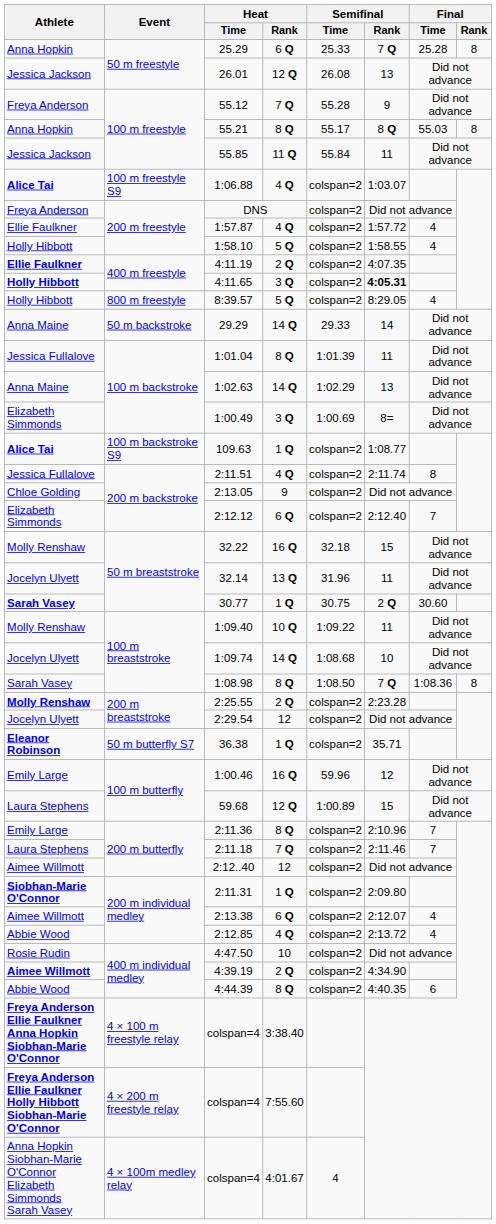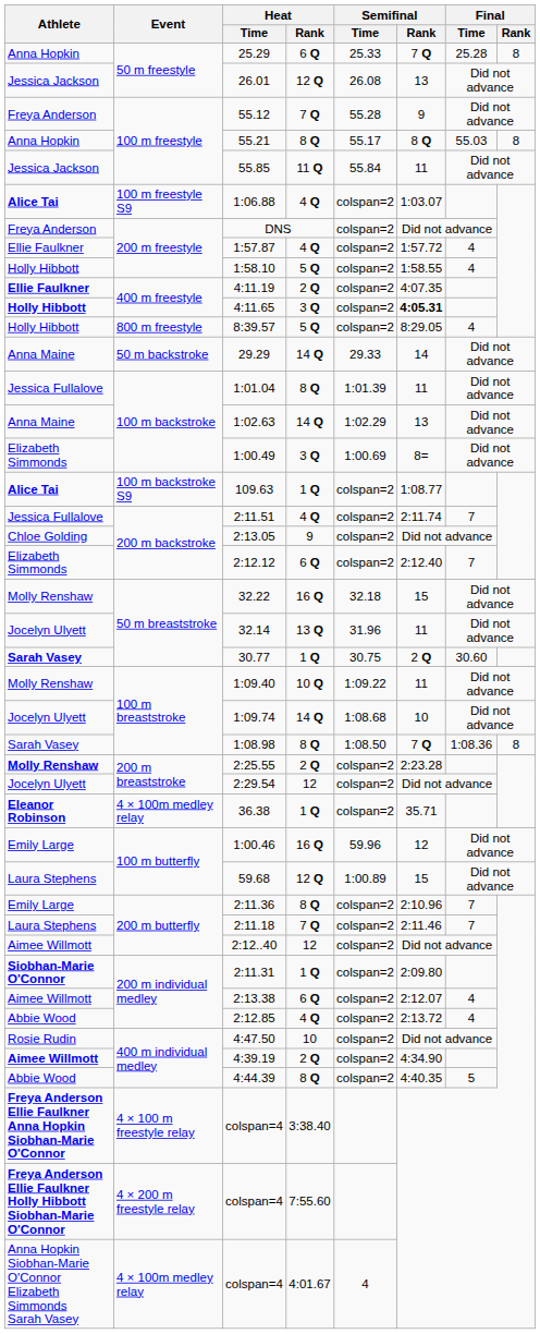 <table class=wikitable style=font-size:90%>
 <tr>
 <th rowspan=2>Athlete</th>
 <th rowspan=2>Event</th>
 <th colspan=2>Heat</th>
 <th colspan=2>Semifinal</th>
 <th colspan=2>Final</th>
 </tr>
 <tr style=font-size:95%>
 <th>Time</th>
 <th>Rank</th>
 <th>Time</th>
 <th>Rank</th>
 <th>Time</th>
 <th>Rank</th>
 </tr>
 <tr align=center>
 <td align=left><a href='#'>Anna Hopkin</a></td>
 <td align=left rowspan=2><a href='#'>50 m freestyle</a></td>
 <td>25.29</td>
 <td>6 <strong>Q</strong></td>
 <td>25.33</td>
 <td>7 <strong>Q</strong></td>
 <td>25.28</td>
 <td>8</td>
 </tr>
 <tr align=center>
 <td align=left><a href='#'>Jessica Jackson</a></td>
 <td>26.01</td>
 <td>12 <strong>Q</strong></td>
 <td>26.08</td>
 <td>13</td>
 <td colspan=2>Did not advance</td>
 </tr>
 <tr align=center>
 <td align=left><a href='#'>Freya Anderson</a></td>
 <td align=left rowspan=3><a href='#'>100 m freestyle</a></td>
 <td>55.12</td>
 <td>7 <strong>Q</strong></td>
 <td>55.28</td>
 <td>9</td>
 <td colspan=2>Did not advance</td>
 </tr>
 <tr align=center>
 <td align=left><a href='#'>Anna Hopkin</a></td>
 <td>55.21</td>
 <td>8 <strong>Q</strong></td>
 <td>55.17</td>
 <td>8 <strong>Q</strong></td>
 <td>55.03</td>
 <td>8</td>
 </tr>
 <tr align=center>
 <td align=left><a href='#'>Jessica Jackson</a></td>
 <td>55.85</td>
 <td>11 <strong>Q</strong></td>
 <td>55.84</td>
 <td>11</td>
 <td colspan=2>Did not advance</td>
 </tr>
 <tr align=center>
 <td align=left><strong><a href='#'>Alice Tai</a></strong></td>
 <td align=left><a href='#'>100 m freestyle S9</a></td>
 <td>1:06.88</td>
 <td>4 <strong>Q</strong></td>
 <td>colspan=2 </td>
 <td>1:03.07</td>
 <td></td>
 </tr>
 <tr align=center>
 <td align=left><a href='#'>Freya Anderson</a></td>
 <td align=left rowspan=3><a href='#'>200 m freestyle</a></td>
 <td colspan=2>DNS</td>
 <td>colspan=2 </td>
 <td colspan=2>Did not advance</td>
 </tr>
 <tr align=center>
 <td align=left><a href='#'>Ellie Faulkner</a></td>
 <td>1:57.87</td>
 <td>4 <strong>Q</strong></td>
 <td>colspan=2 </td>
 <td>1:57.72</td>
 <td>4</td>
 </tr>
 <tr align=center>
 <td align=left><a href='#'>Holly Hibbott</a></td>
 <td>1:58.10</td>
 <td>5 <strong>Q</strong></td>
 <td>colspan=2 </td>
 <td>1:58.55</td>
 <td>4</td>
 </tr>
 <tr align=center>
 <td align=left><strong><a href='#'>Ellie Faulkner</a></strong></td>
 <td align=left rowspan=2><a href='#'>400 m freestyle</a></td>
 <td>4:11.19</td>
 <td>2 <strong>Q</strong></td>
 <td>colspan=2 </td>
 <td>4:07.35</td>
 <td></td>
 </tr>
 <tr align=center>
 <td align=left><strong><a href='#'>Holly Hibbott</a></strong></td>
 <td>4:11.65</td>
 <td>3 <strong>Q</strong></td>
 <td>colspan=2 </td>
 <td><strong>4:05.31</strong></td>
 <td></td>
 </tr>
 <tr align=center>
 <td align=left><a href='#'>Holly Hibbott</a></td>
 <td align=left><a href='#'>800 m freestyle</a></td>
 <td>8:39.57</td>
 <td>5 <strong>Q</strong></td>
 <td>colspan=2 </td>
 <td>8:29.05</td>
 <td>4</td>
 </tr>
 <tr align=center>
 <td align=left><a href='#'>Anna Maine</a></td>
 <td align=left><a href='#'>50 m backstroke</a></td>
 <td>29.29</td>
 <td>14 <strong>Q</strong></td>
 <td>29.33</td>
 <td>14</td>
 <td colspan=2>Did not advance</td>
 </tr>
 <tr align=center>
 <td align=left><a href='#'>Jessica Fullalove</a></td>
 <td align=left rowspan=3><a href='#'>100 m backstroke</a></td>
 <td>1:01.04</td>
 <td>8 <strong>Q</strong></td>
 <td>1:01.39</td>
 <td>11</td>
 <td colspan=2>Did not advance</td>
 </tr>
 <tr align=center>
 <td align=left><a href='#'>Anna Maine</a></td>
 <td>1:02.63</td>
 <td>14 <strong>Q</strong></td>
 <td>1:02.29</td>
 <td>13</td>
 <td colspan=2>Did not advance</td>
 </tr>
 <tr align=center>
 <td align=left><a href='#'>Elizabeth Simmonds</a></td>
 <td>1:00.49</td>
 <td>3 <strong>Q</strong></td>
 <td>1:00.69</td>
 <td>8=</td>
 <td colspan=2>Did not advance</td>
 </tr>
 <tr align=center>
 <td align=left><strong><a href='#'>Alice Tai</a></strong></td>
 <td align=left><a href='#'>100 m backstroke S9</a></td>
 <td>109.63</td>
 <td>1 <strong>Q</strong></td>
 <td>colspan=2 </td>
 <td>1:08.77</td>
 <td></td>
 </tr>
 <tr align=center>
 <td align=left><a href='#'>Jessica Fullalove</a></td>
 <td align=left rowspan=3><a href='#'>200 m backstroke</a></td>
 <td>2:11.51</td>
 <td>4 <strong>Q</strong></td>
 <td>colspan=2 </td>
 <td>2:11.74</td>
-<td>8</td>
+<td>7</td>
 </tr>
 <tr align=center>
 <td align=left><a href='#'>Chloe Golding</a></td>
 <td>2:13.05</td>
 <td>9</td>
 <td>colspan=2 </td>
 <td colspan=2>Did not advance</td>
 </tr>
 <tr align=center>
 <td align=left><a href='#'>Elizabeth Simmonds</a></td>
 <td>2:12.12</td>
 <td>6 <strong>Q</strong></td>
 <td>colspan=2 </td>
 <td>2:12.40</td>
 <td>7</td>
 </tr>
 <tr align=center>
 <td align=left><a href='#'>Molly Renshaw</a></td>
 <td align=left rowspan=3><a href='#'>50 m breaststroke</a></td>
 <td>32.22</td>
 <td>16 <strong>Q</strong></td>
 <td>32.18</td>
 <td>15</td>
 <td colspan=2>Did not advance</td>
 </tr>
 <tr align=center>
 <td align=left><a href='#'>Jocelyn Ulyett</a></td>
 <td>32.14</td>
 <td>13 <strong>Q</strong></td>
 <td>31.96</td>
 <td>11</td>
 <td colspan=2>Did not advance</td>
 </tr>
 <tr align=center>
 <td align=left><strong><a href='#'>Sarah Vasey</a></strong></td>
 <td>30.77</td>
 <td>1 <strong>Q</strong></td>
 <td>30.75</td>
 <td>2 <strong>Q</strong></td>
 <td>30.60</td>
 <td></td>
 </tr>
 <tr align=center>
 <td align=left><a href='#'>Molly Renshaw</a></td>
 <td align=left rowspan=3><a href='#'>100 m breaststroke</a></td>
 <td>1:09.40</td>
 <td>10 <strong>Q</strong></td>
 <td>1:09.22</td>
 <td>11</td>
 <td colspan=2>Did not advance</td>
 </tr>
 <tr align=center>
 <td align=left><a href='#'>Jocelyn Ulyett</a></td>
 <td>1:09.74</td>
 <td>14 <strong>Q</strong></td>
 <td>1:08.68</td>
 <td>10</td>
 <td colspan=2>Did not advance</td>
 </tr>
 <tr align=center>
 <td align=left><a href='#'>Sarah Vasey</a></td>
 <td>1:08.98</td>
 <td>8 <strong>Q</strong></td>
 <td>1:08.50</td>
 <td>7 <strong>Q</strong></td>
 <td>1:08.36</td>
 <td>8</td>
 </tr>
 <tr align=center>
 <td align=left><strong><a href='#'>Molly Renshaw</a></strong></td>
 <td align=left rowspan=2><a href='#'>200 m breaststroke</a></td>
 <td>2:25.55</td>
 <td>2 <strong>Q</strong></td>
 <td>colspan=2 </td>
 <td>2:23.28</td>
 <td></td>
 </tr>
 <tr align=center>
 <td align=left><a href='#'>Jocelyn Ulyett</a></td>
 <td>2:29.54</td>
 <td>12</td>
 <td>colspan=2 </td>
 <td colspan=2>Did not advance</td>
 </tr>
 <tr align=center>
 <td align=left><strong><a href='#'>Eleanor Robinson</a></strong></td>
-<td align=left><a href='#'>50 m butterfly S7</a></td>
+<td align=left><a href='#'>4 × 100m medley relay</a></td>
 <td>36.38</td>
 <td>1 <strong>Q</strong></td>
 <td>colspan=2 </td>
 <td>35.71</td>
 <td></td>
 </tr>
 <tr align=center>
 <td align=left><a href='#'>Emily Large</a></td>
 <td align=left rowspan=2><a href='#'>100 m butterfly</a></td>
 <td>1:00.46</td>
 <td>16 <strong>Q</strong></td>
 <td>59.96</td>
 <td>12</td>
 <td colspan=2>Did not advance</td>
 </tr>
 <tr align=center>
 <td align=left><a href='#'>Laura Stephens</a></td>
 <td>59.68</td>
 <td>12 <strong>Q</strong></td>
 <td>1:00.89</td>
 <td>15</td>
 <td colspan=2>Did not advance</td>
 </tr>
 <tr align=center>
 <td align=left><a href='#'>Emily Large</a></td>
 <td align=left rowspan=3><a href='#'>200 m butterfly</a></td>
 <td>2:11.36</td>
 <td>8 <strong>Q</strong></td>
 <td>colspan=2 </td>
 <td>2:10.96</td>
 <td>7</td>
 </tr>
 <tr align=center>
 <td align=left><a href='#'>Laura Stephens</a></td>
 <td>2:11.18</td>
 <td>7 <strong>Q</strong></td>
 <td>colspan=2 </td>
 <td>2:11.46</td>
 <td>7</td>
 </tr>
 <tr align=center>
 <td align=left><a href='#'>Aimee Willmott</a></td>
 <td>2:12..40</td>
 <td>12</td>
 <td>colspan=2 </td>
 <td colspan=2>Did not advance</td>
 </tr>
 <tr align=center>
 <td align=left><strong><a href='#'>Siobhan-Marie O'Connor</a></strong></td>
 <td align=left rowspan=3><a href='#'>200 m individual medley</a></td>
 <td>2:11.31</td>
 <td>1 <strong>Q</strong></td>
 <td>colspan=2 </td>
 <td>2:09.80</td>
 <td></td>
 </tr>
 <tr align=center>
 <td align=left><a href='#'>Aimee Willmott</a></td>
 <td>2:13.38</td>
 <td>6 <strong>Q</strong></td>
 <td>colspan=2 </td>
 <td>2:12.07</td>
 <td>4</td>
 </tr>
 <tr align=center>
 <td align=left><a href='#'>Abbie Wood</a></td>
 <td>2:12.85</td>
 <td>4 <strong>Q</strong></td>
 <td>colspan=2 </td>
 <td>2:13.72</td>
 <td>4</td>
 </tr>
 <tr align=center>
 <td align=left><a href='#'>Rosie Rudin</a></td>
 <td align=left rowspan=3><a href='#'>400 m individual medley</a></td>
 <td>4:47.50</td>
 <td>10</td>
 <td>colspan=2 </td>
 <td colspan=2>Did not advance</td>
 </tr>
 <tr align=center>
 <td align=left><strong><a href='#'>Aimee Willmott</a></strong></td>
 <td>4:39.19</td>
 <td>2 <strong>Q</strong></td>
 <td>colspan=2 </td>
 <td>4:34.90</td>
 <td></td>
 </tr>
 <tr align=center>
 <td align=left><a href='#'>Abbie Wood</a></td>
 <td>4:44.39</td>
 <td>8 <strong>Q</strong></td>
 <td>colspan=2 </td>
 <td>4:40.35</td>
-<td>6</td>
+<td>5</td>
 </tr>
 <tr align=center>
 <td align=left><strong><a href='#'>Freya Anderson</a><br><a href='#'>Ellie Faulkner</a><br><a href='#'>Anna Hopkin</a><br><a href='#'>Siobhan-Marie O'Connor</a></strong></td>
 <td align=left><a href='#'>4 × 100 m freestyle relay</a></td>
 <td>colspan=4 </td>
 <td>3:38.40</td>
 <td></td>
 </tr>
 <tr align=center>
 <td align=left><strong><a href='#'>Freya Anderson</a><br><a href='#'>Ellie Faulkner</a><br><a href='#'>Holly Hibbott</a><br><a href='#'>Siobhan-Marie O'Connor</a></strong></td>
 <td align=left><a href='#'>4 × 200 m freestyle relay</a></td>
 <td>colspan=4 </td>
 <td>7:55.60</td>
 <td></td>
 </tr>
 <tr align=center>
 <td align=left><a href='#'>Anna Hopkin</a><br><a href='#'>Siobhan-Marie O'Connor</a><br><a href='#'>Elizabeth Simmonds</a><br><a href='#'>Sarah Vasey</a></td>
 <td align=left><a href='#'>4 × 100m medley relay</a></td>
 <td>colspan=4 </td>
 <td>4:01.67</td>
 <td>4</td>
 </tr>
 </table>
